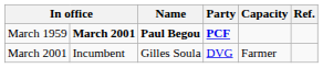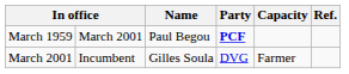 <table class="wikitable">
 <tr>
 <th colspan="2">In office</th>
 <th>Name</th>
 <th>Party</th>
 <th>Capacity</th>
 <th>Ref.</th>
 </tr>
 <tr>
 <td>March 1959</td>
-<td><strong>March 2001</strong></td>
-<td><strong>Paul Begou</strong></td>
+<td>March 2001</td>
+<td>Paul Begou</td>
 <td><strong><a href='#'>PCF</a></strong></td>
 <td></td>
 <td></td>
 </tr>
 <tr>
 <td>March 2001</td>
 <td>Incumbent</td>
 <td>Gilles Soula</td>
 <td><a href='#'>DVG</a></td>
 <td>Farmer</td>
 <td></td>
 </tr>
 </table>
